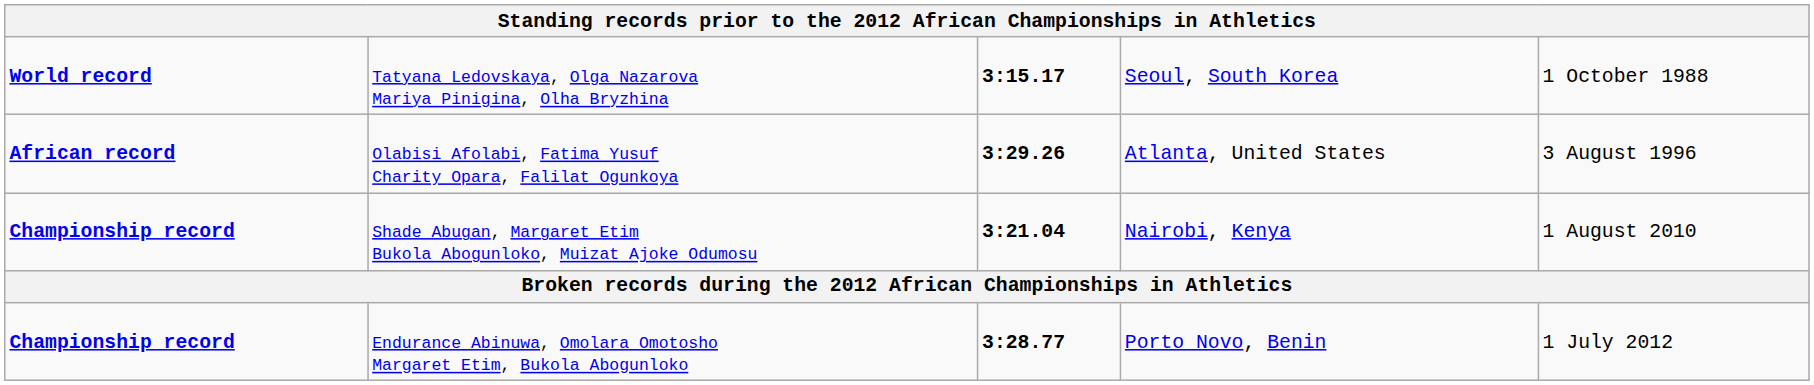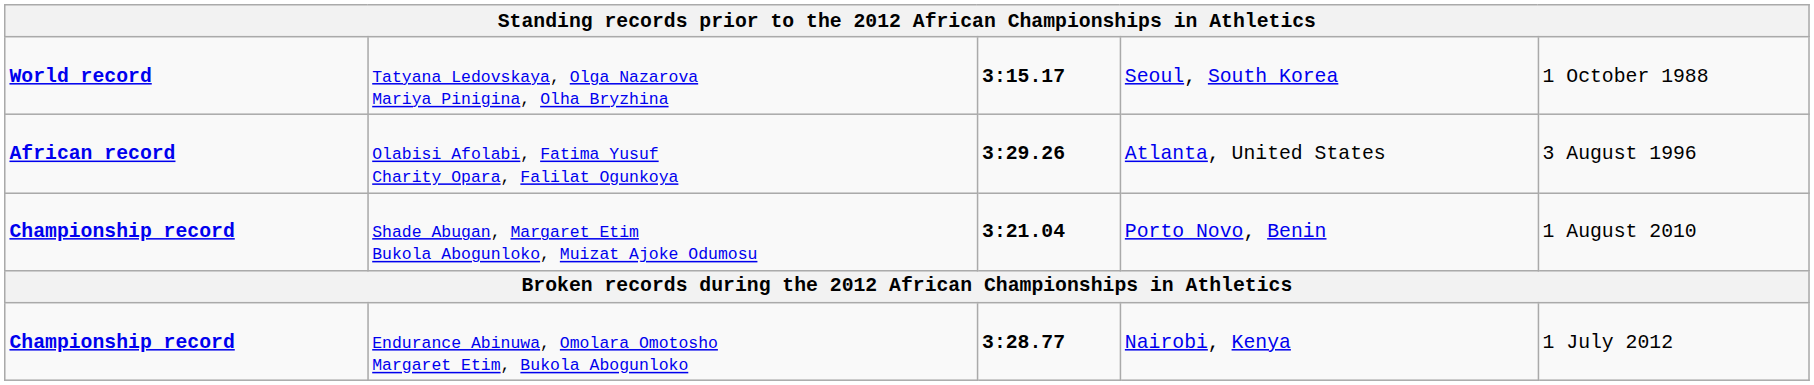 <table class="wikitable" width=75%>
 <tr>
 <th colspan="5">Standing records prior to the 2012 African Championships in Athletics</th>
 </tr>
 <tr>
 <td><strong><a href='#'>World record</a></strong></td>
 <td><br><small><a href='#'>Tatyana Ledovskaya</a>, <a href='#'>Olga Nazarova</a><br><a href='#'>Mariya Pinigina</a>, <a href='#'>Olha Bryzhina</a></small></td>
 <td><strong>3:15.17</strong></td>
 <td><a href='#'>Seoul</a>, <a href='#'>South Korea</a></td>
 <td>1 October 1988</td>
 </tr>
 <tr>
 <td><strong><a href='#'>African record</a></strong></td>
 <td><br><small><a href='#'>Olabisi Afolabi</a>, <a href='#'>Fatima Yusuf</a><br><a href='#'>Charity Opara</a>, <a href='#'>Falilat Ogunkoya</a></small></td>
 <td><strong>3:29.26</strong></td>
 <td><a href='#'>Atlanta</a>, United States</td>
 <td>3 August 1996</td>
 </tr>
 <tr>
 <td><strong><a href='#'>Championship record</a></strong></td>
 <td><br><small><a href='#'>Shade Abugan</a>, <a href='#'>Margaret Etim</a><br><a href='#'>Bukola Abogunloko</a>, <a href='#'>Muizat Ajoke Odumosu</a>  </small></td>
 <td><strong>3:21.04</strong></td>
-<td><a href='#'>Nairobi</a>, <a href='#'>Kenya</a></td>
+<td><a href='#'>Porto Novo</a>, <a href='#'>Benin</a></td>
 <td>1 August 2010</td>
 </tr>
 <tr>
 <th colspan="5">Broken records during the 2012 African Championships in Athletics</th>
 </tr>
 <tr>
 <td><strong><a href='#'>Championship record</a></strong></td>
 <td><br><small><a href='#'>Endurance Abinuwa</a>, <a href='#'>Omolara Omotosho</a><br><a href='#'>Margaret Etim</a>, <a href='#'>Bukola Abogunloko</a></small></td>
 <td><strong>3:28.77</strong></td>
-<td><a href='#'>Porto Novo</a>, <a href='#'>Benin</a></td>
+<td><a href='#'>Nairobi</a>, <a href='#'>Kenya</a></td>
 <td>1 July 2012</td>
 </tr>
 </table>
